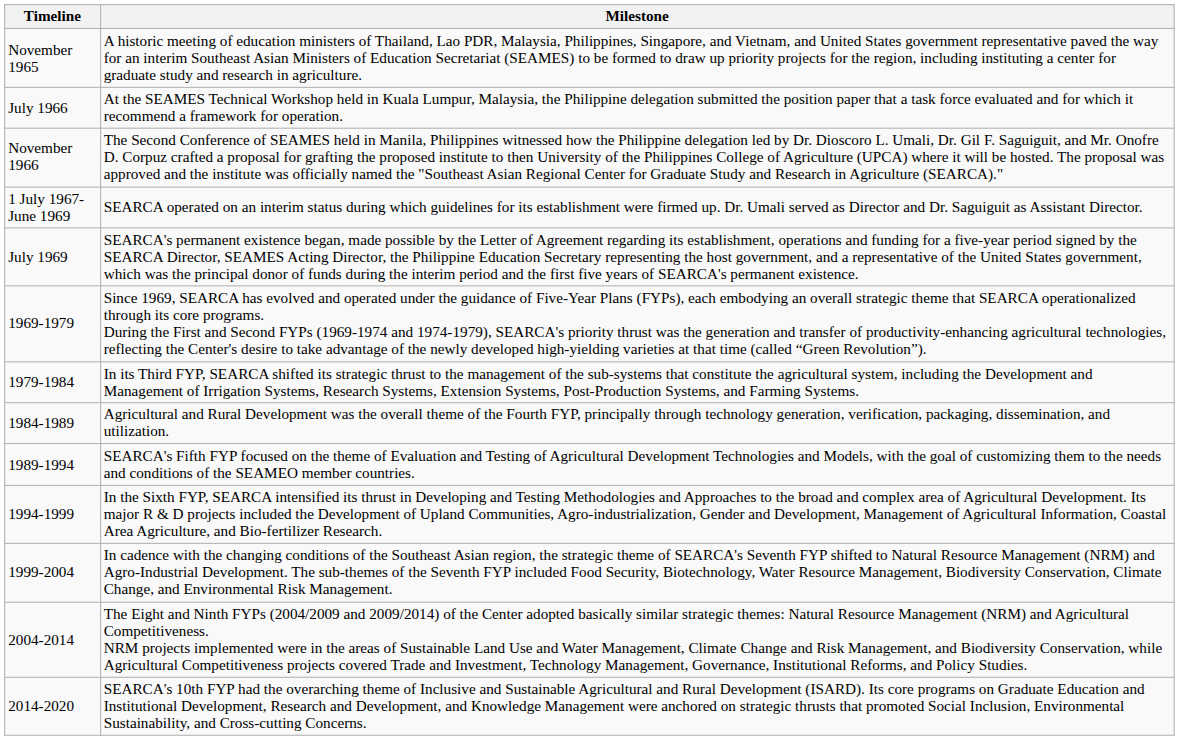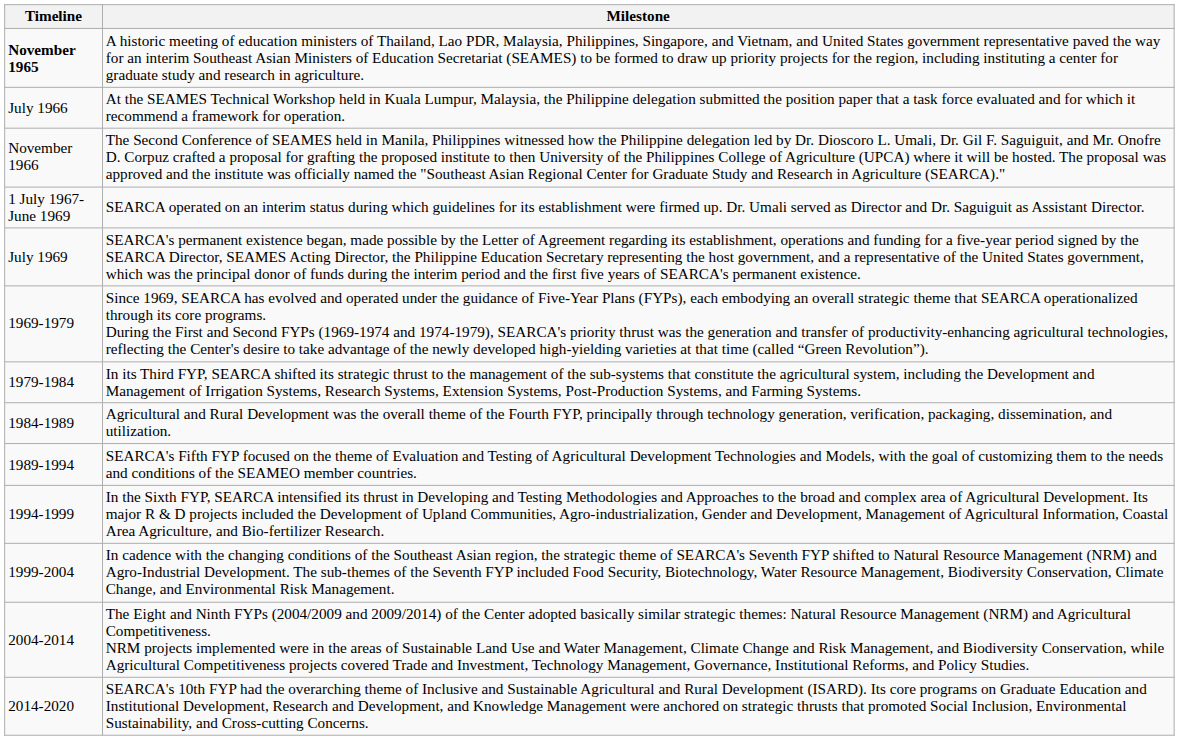 <table style="float:right; font-size:100%; margin-left:1em; text-align:left" class="wikitable sortable">
 <tr>
 <th>Timeline</th>
 <th>Milestone</th>
 </tr>
 <tr>
-<td>November 1965</td>
+<td><strong>November 1965</strong></td>
 <td>A historic meeting of education ministers of Thailand, Lao PDR, Malaysia, Philippines, Singapore, and Vietnam, and United States government representative paved the way for an interim Southeast Asian Ministers of Education Secretariat (SEAMES) to be formed to draw up priority projects for the region, including instituting a center for graduate study and research in agriculture.</td>
 </tr>
 <tr>
 <td>July 1966</td>
 <td>At the SEAMES Technical Workshop held in Kuala Lumpur, Malaysia, the Philippine delegation submitted the position paper that a task force evaluated and for which it recommend a framework for operation.</td>
 </tr>
 <tr>
 <td>November 1966</td>
 <td>The Second Conference of SEAMES held in Manila, Philippines witnessed how the Philippine delegation led by Dr. Dioscoro L. Umali, Dr. Gil F. Saguiguit, and Mr. Onofre D. Corpuz crafted a proposal for grafting the proposed institute to then University of the Philippines College of Agriculture (UPCA) where it will be hosted. The proposal was approved and the institute was officially named the "Southeast Asian Regional Center for Graduate Study and Research in Agriculture (SEARCA)."</td>
 </tr>
 <tr>
 <td>1 July 1967-June 1969</td>
 <td>SEARCA operated on an interim status during which guidelines for its establishment were firmed up. Dr. Umali served as Director and Dr. Saguiguit as Assistant Director.</td>
 </tr>
 <tr>
 <td>July 1969</td>
 <td>SEARCA's permanent existence began, made possible by the Letter of Agreement regarding its establishment, operations and funding for a five-year period signed by the SEARCA Director, SEAMES Acting Director, the Philippine Education Secretary representing the host government, and a representative of the United States government, which was the principal donor of funds during the interim period and the first five years of SEARCA's permanent existence.</td>
 </tr>
 <tr>
 <td>1969-1979</td>
 <td>Since 1969, SEARCA has evolved and operated under the guidance of Five-Year Plans (FYPs), each embodying an overall strategic theme that SEARCA operationalized through its core programs.<br>During the First and Second FYPs (1969-1974 and 1974-1979), SEARCA's priority thrust was the generation and transfer of productivity-enhancing agricultural technologies, reflecting the Center's desire to take advantage of the newly developed high-yielding varieties at that time (called “Green Revolution”).</td>
 </tr>
 <tr>
 <td>1979-1984</td>
 <td>In its Third FYP, SEARCA shifted its strategic thrust to the management of the sub-systems that constitute the agricultural system, including the Development and Management of Irrigation Systems, Research Systems, Extension Systems, Post-Production Systems, and Farming Systems.</td>
 </tr>
 <tr>
 <td>1984-1989</td>
 <td>Agricultural and Rural Development was the overall theme of the Fourth FYP, principally through technology generation, verification, packaging, dissemination, and utilization.</td>
 </tr>
 <tr>
 <td>1989-1994</td>
 <td>SEARCA's Fifth FYP focused on the theme of Evaluation and Testing of Agricultural Development Technologies and Models, with the goal of customizing them to the needs and conditions of the SEAMEO member countries.</td>
 </tr>
 <tr>
 <td>1994-1999</td>
 <td>In the Sixth FYP, SEARCA intensified its thrust in Developing and Testing Methodologies and Approaches to the broad and complex area of Agricultural Development. Its major R & D projects included the Development of Upland Communities, Agro-industrialization, Gender and Development, Management of Agricultural Information, Coastal Area Agriculture, and Bio-fertilizer Research.</td>
 </tr>
 <tr>
 <td>1999-2004</td>
 <td>In cadence with the changing conditions of the Southeast Asian region, the strategic theme of SEARCA's Seventh FYP shifted to Natural Resource Management (NRM) and Agro-Industrial Development. The sub-themes of the Seventh FYP included Food Security, Biotechnology, Water Resource Management, Biodiversity Conservation, Climate Change, and Environmental Risk Management.</td>
 </tr>
 <tr>
 <td>2004-2014</td>
 <td>The Eight and Ninth FYPs (2004/2009 and 2009/2014) of the Center adopted basically similar strategic themes: Natural Resource Management (NRM) and Agricultural Competitiveness.<br>NRM projects implemented were in the areas of Sustainable Land Use and Water Management, Climate Change and Risk Management, and Biodiversity Conservation, while  Agricultural Competitiveness projects covered Trade and Investment, Technology Management, Governance, Institutional Reforms, and Policy Studies.</td>
 </tr>
 <tr>
 <td>2014-2020</td>
 <td>SEARCA's 10th FYP had the overarching theme of Inclusive and Sustainable Agricultural and Rural Development (ISARD). Its core programs on Graduate Education and Institutional Development, Research and Development, and Knowledge Management were anchored on strategic thrusts that promoted Social Inclusion, Environmental Sustainability, and Cross-cutting Concerns.</td>
 </tr>
 </table>
